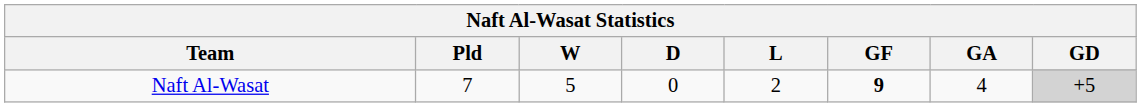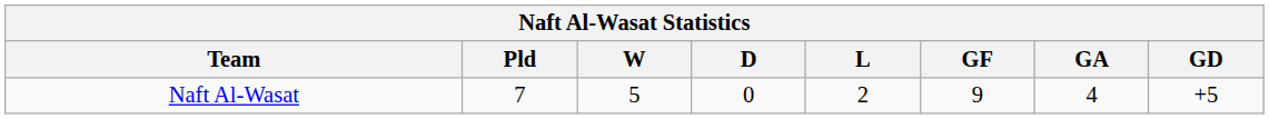 <table width=70% class="wikitable" style="text-align:">
 <tr>
 <th colspan=9>Naft Al-Wasat Statistics</th>
 </tr>
 <tr>
 <th width=20%>Team</th>
 <th width=5%>Pld</th>
 <th width=5%>W</th>
 <th width=5%>D</th>
 <th width=5%>L</th>
 <th width=5%>GF</th>
 <th width=5%>GA</th>
 <th width=5%>GD</th>
 </tr>
 <tr align=center>
 <td align=center> <a href='#'>Naft Al-Wasat</a></td>
 <td>7</td>
 <td>5</td>
 <td>0</td>
 <td>2</td>
-<td><strong>9</strong></td>
+<td>9</td>
 <td>4</td>
-<td style="background: lightgrey;">+5</td>
+<td>+5</td>
 </tr>
 </table>
